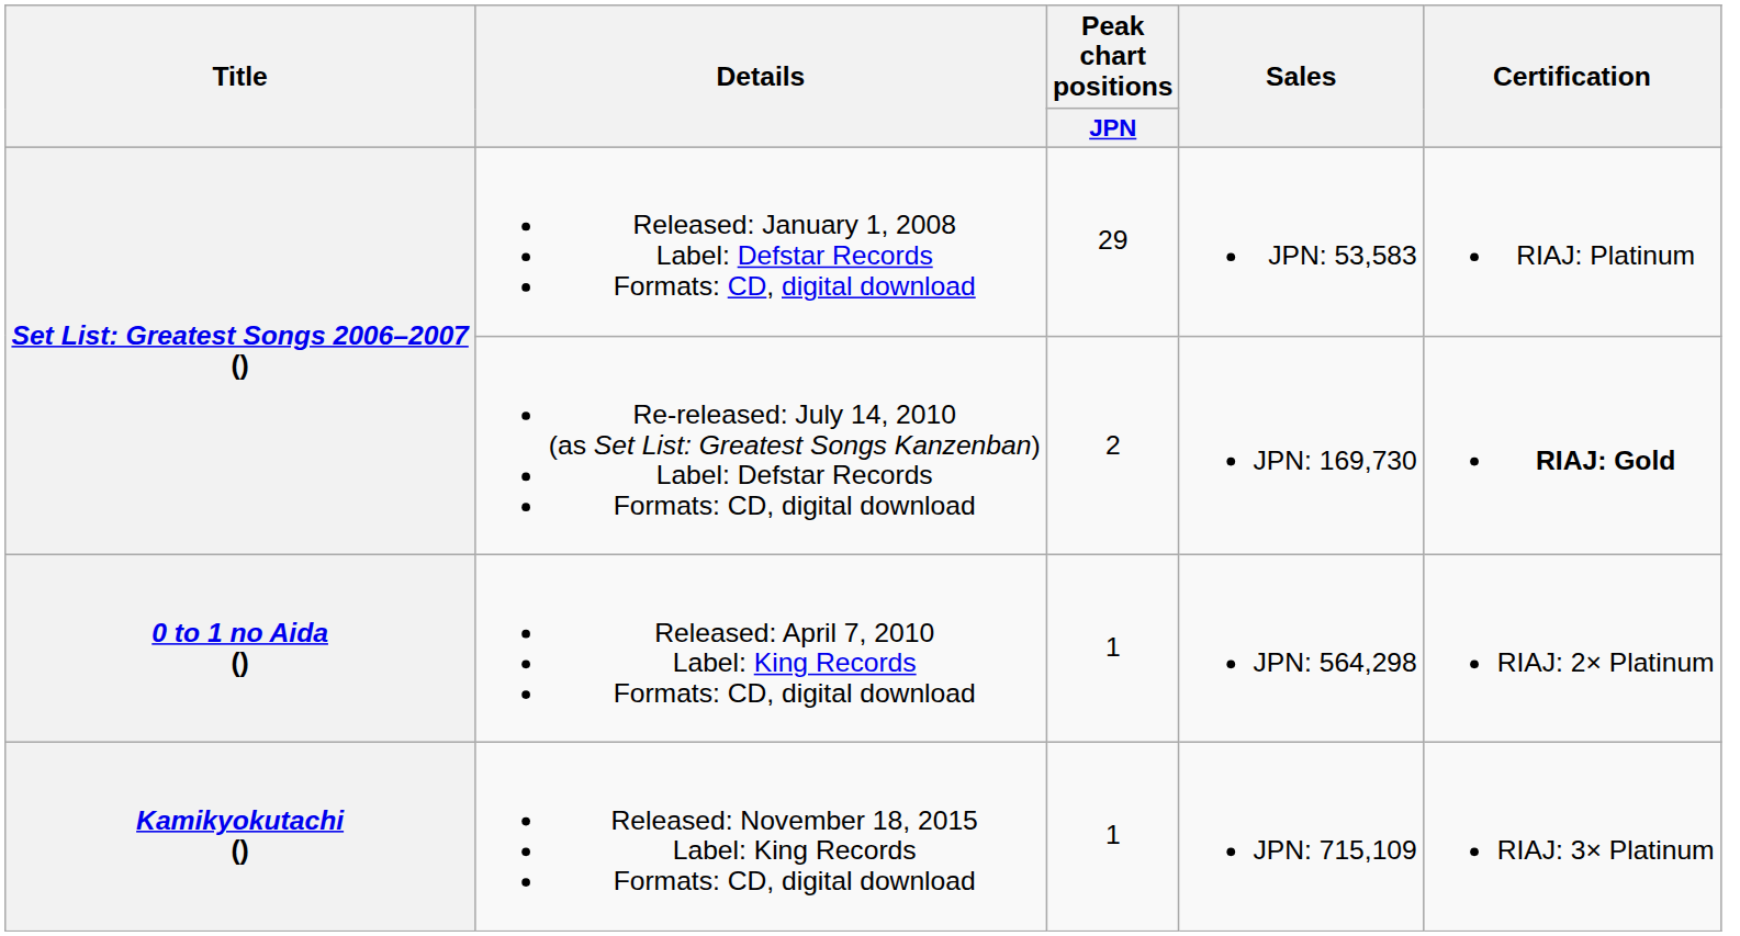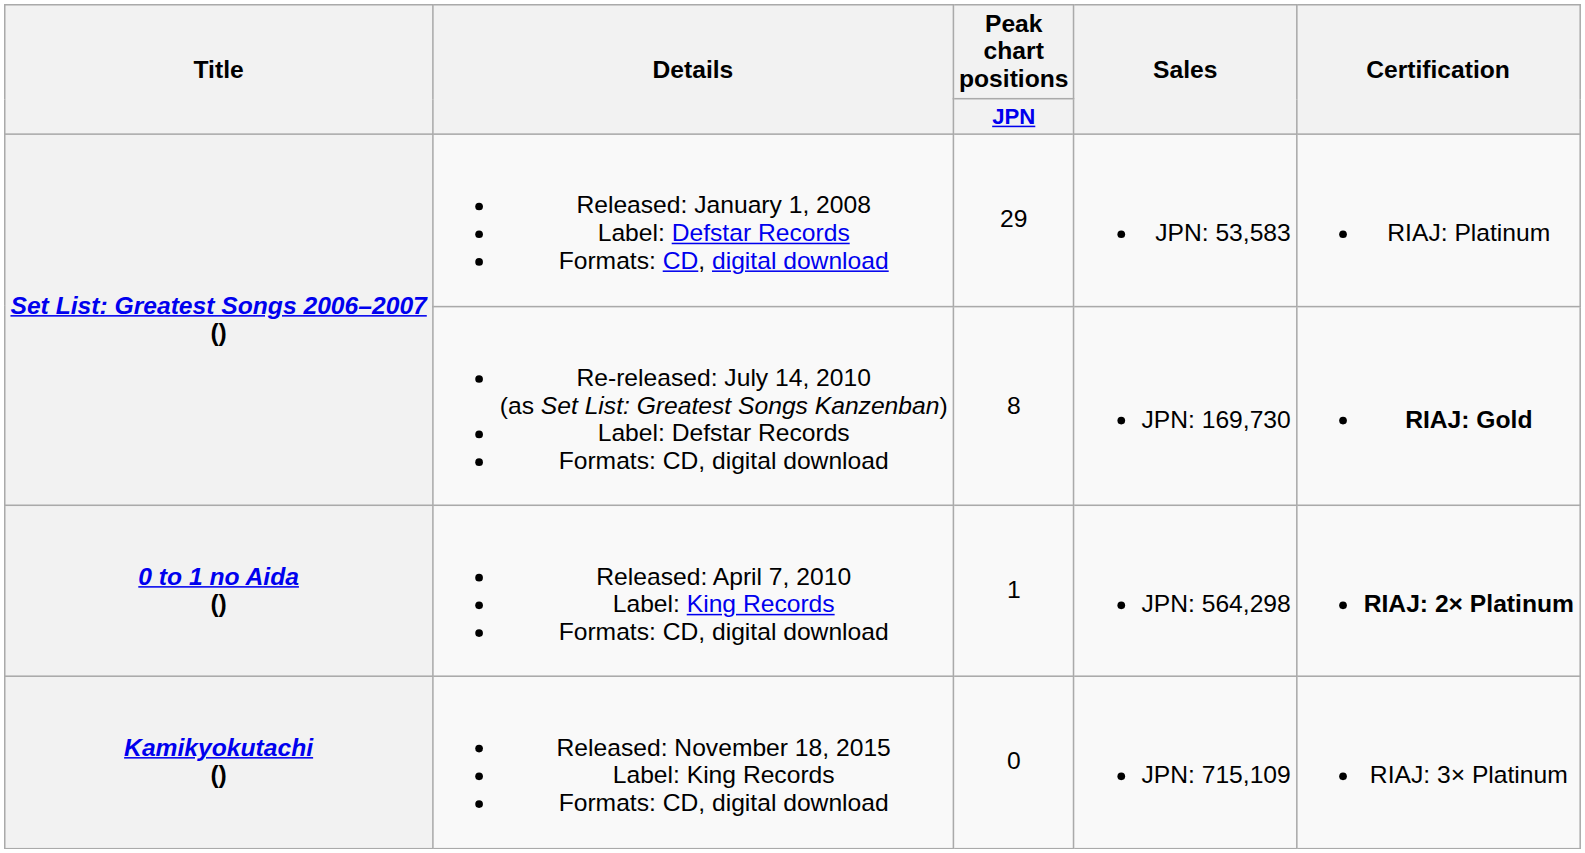 <table class="wikitable plainrowheaders" style="text-align:center;">
 <tr>
 <th rowspan="2">Title</th>
 <th rowspan="2">Details</th>
 <th rowspan="1">Peak<br>chart<br>positions</th>
 <th rowspan="2">Sales</th>
 <th rowspan="2">Certification</th>
 </tr>
 <tr>
 <th style="font-size:90%;"><a href='#'>JPN</a><br></th>
 </tr>
 <tr>
 <th rowspan="2" scope="row"><em><a href='#'>Set List: Greatest Songs 2006–2007</a></em><br>()</th>
 <td><br><ul><li>Released: January 1, 2008</li><li>Label: <a href='#'>Defstar Records</a></li><li>Formats: <a href='#'>CD</a>, <a href='#'>digital download</a></li></ul></td>
 <td>29</td>
 <td style="text-align:right;"><br><ul><li>JPN: 53,583</li></ul></td>
 <td><br><ul><li>RIAJ: Platinum</li></ul></td>
 </tr>
 <tr>
 <td><br><ul><li>Re-released: July 14, 2010<br>(as <em>Set List: Greatest Songs Kanzenban</em>)</li><li>Label: Defstar Records</li><li>Formats: CD, digital download</li></ul></td>
-<td>2</td>
+<td>8</td>
 <td style="text-align:right;"><br><ul><li>JPN: 169,730</li></ul></td>
 <td><strong><br><ul><li>RIAJ: Gold</li></ul></strong></td>
 </tr>
 <tr>
 <th scope="row"><em><a href='#'>0 to 1 no Aida</a></em><br>()</th>
 <td><br><ul><li>Released: April 7, 2010</li><li>Label: <a href='#'>King Records</a></li><li>Formats: CD, digital download</li></ul></td>
 <td>1</td>
 <td style="text-align:right;"><br><ul><li>JPN: 564,298</li></ul></td>
-<td><br><ul><li>RIAJ: 2× Platinum</li></ul></td>
+<td><strong><br><ul><li>RIAJ: 2× Platinum</li></ul></strong></td>
 </tr>
 <tr>
 <th scope="row"><em><a href='#'>Kamikyokutachi</a></em><br>()</th>
 <td><br><ul><li>Released: November 18, 2015</li><li>Label: King Records</li><li>Formats: CD, digital download</li></ul></td>
-<td>1</td>
+<td>0</td>
 <td><br><ul><li>JPN: 715,109</li></ul></td>
 <td><br><ul><li>RIAJ: 3× Platinum</li></ul></td>
 </tr>
 </table>
